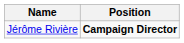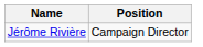 <table class="wikitable">
 <tr>
 <th>Name</th>
 <th>Position</th>
 </tr>
 <tr>
 <td><a href='#'>Jérôme Rivière</a></td>
-<td><strong>Campaign Director</strong></td>
+<td>Campaign Director</td>
 </tr>
 </table>
